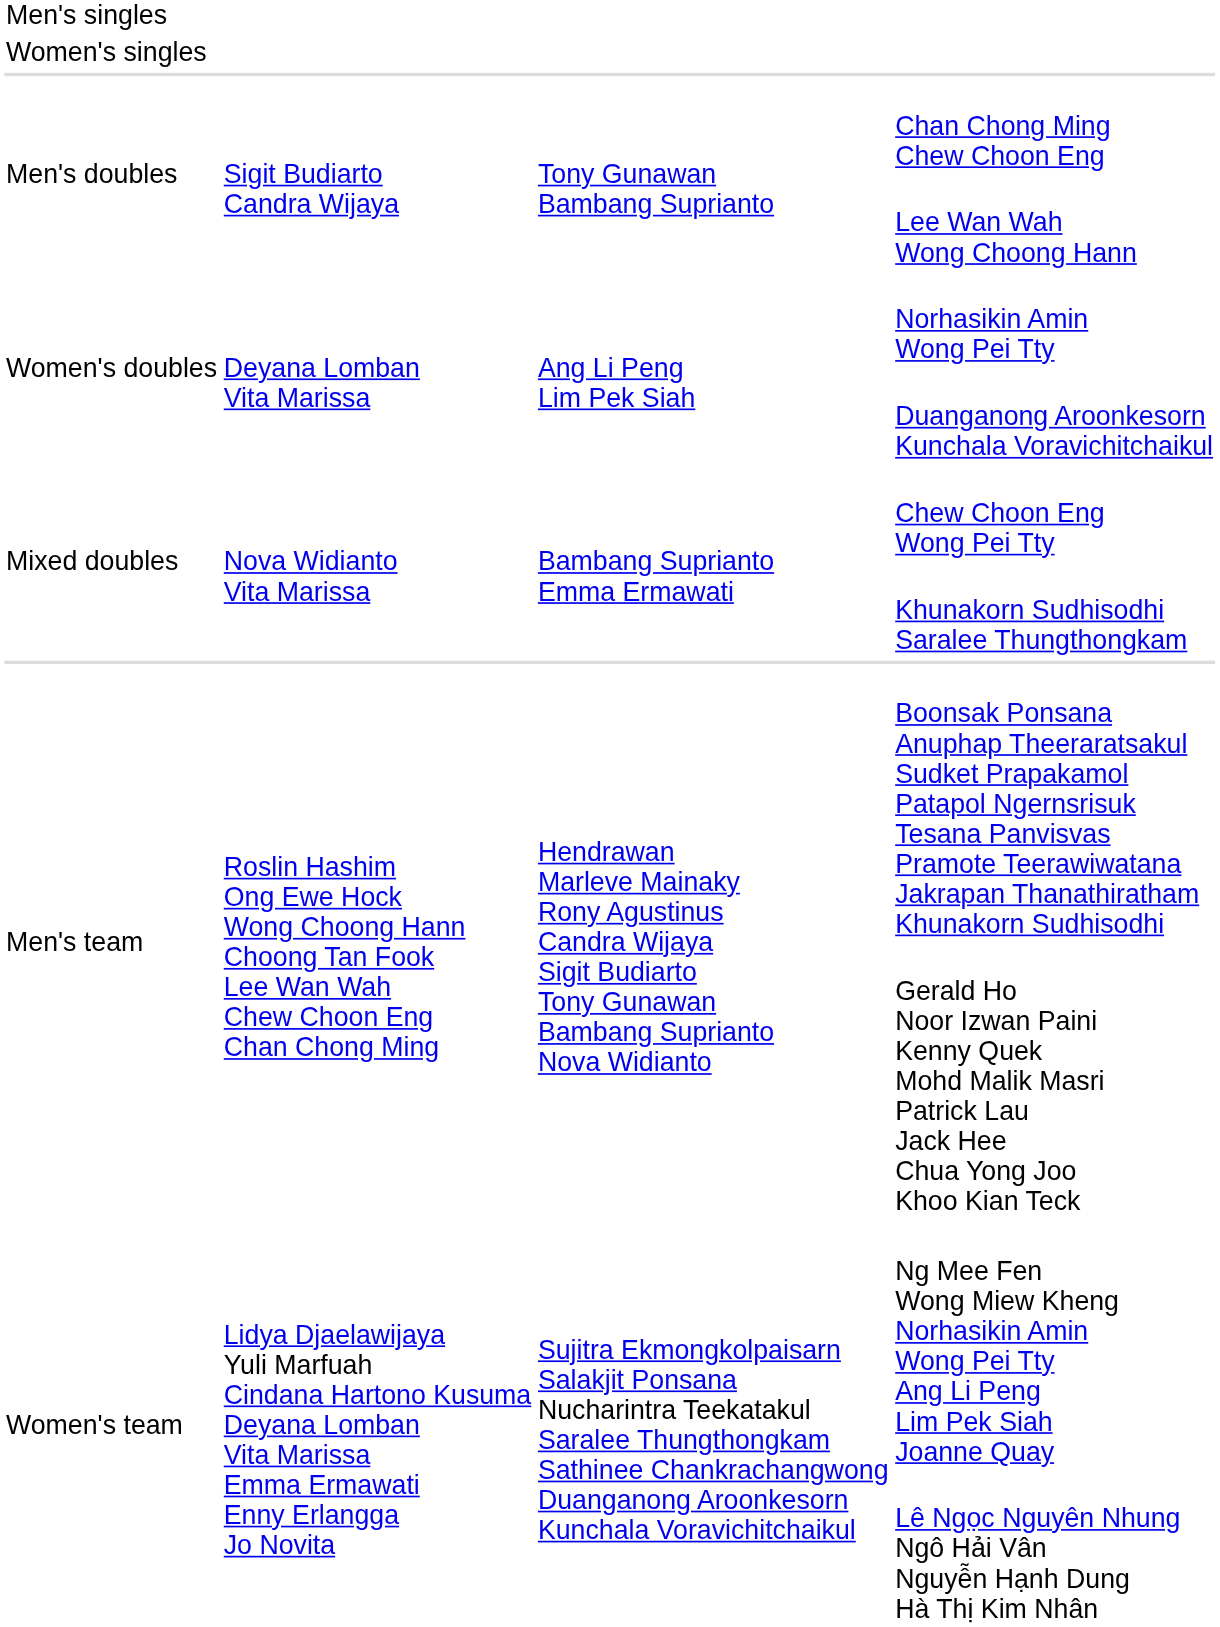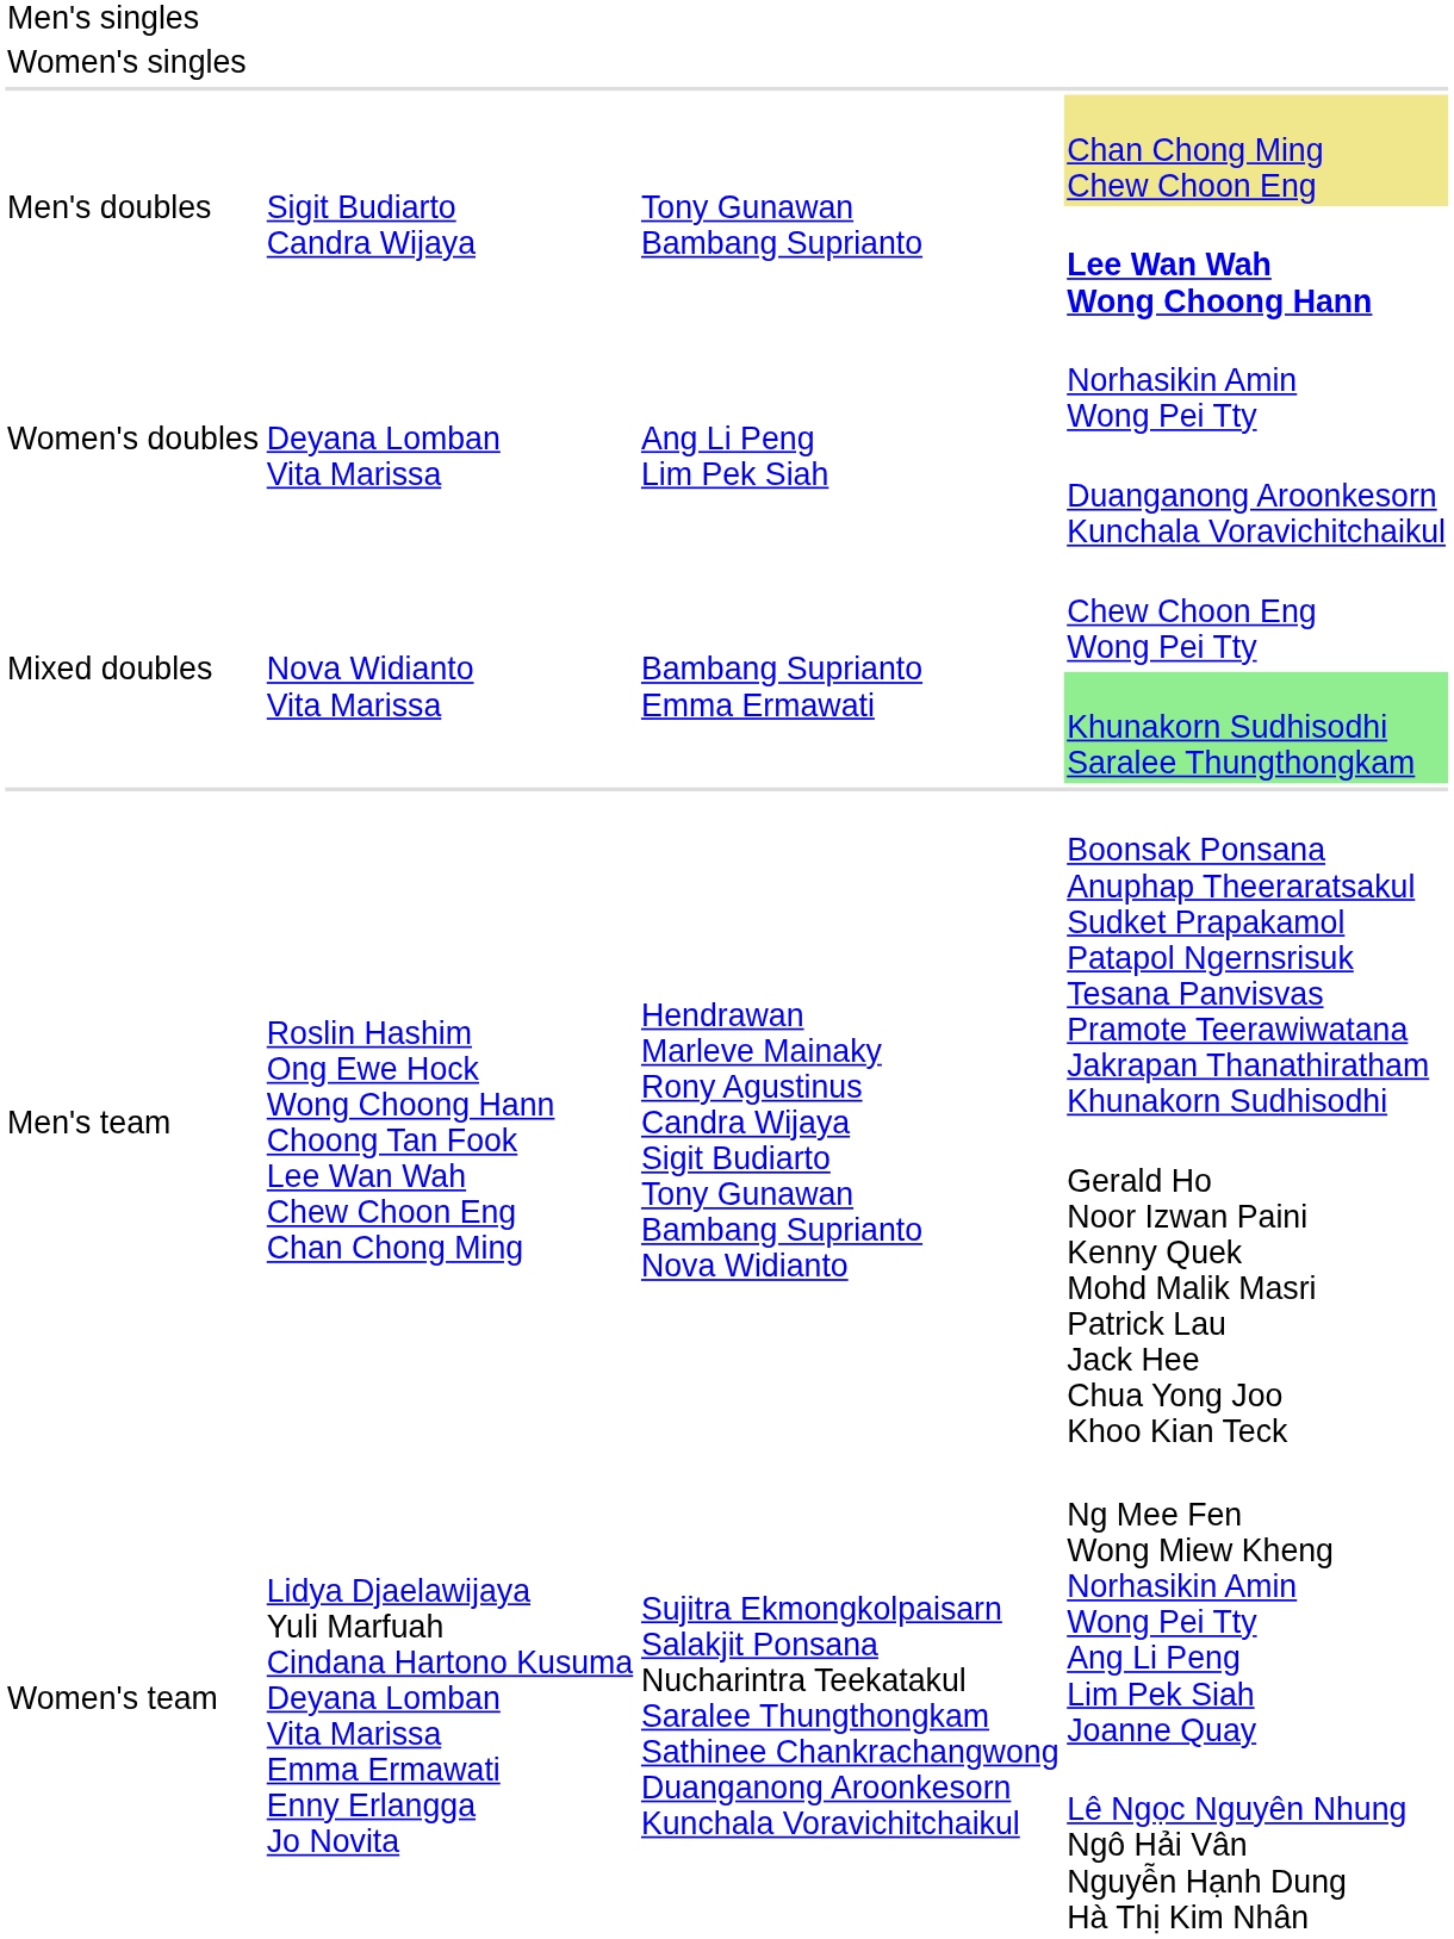 <table>
 <tr>
 <td rowspan="2">Men's singles</td>
 <td rowspan="2"></td>
 <td rowspan="2"></td>
 <td></td>
 </tr>
 <tr>
 <td></td>
 </tr>
 <tr>
 <td rowspan="2">Women's singles</td>
 <td rowspan="2" nowrap></td>
 <td rowspan="2"></td>
 <td></td>
 </tr>
 <tr>
 <td></td>
 </tr>
 <tr bgcolor=#dddddd>
 <td colspan=4></td>
 </tr>
 <tr>
 <td rowspan="2">Men's doubles</td>
 <td rowspan="2"><br><a href='#'>Sigit Budiarto</a><br> <a href='#'>Candra Wijaya</a></td>
 <td rowspan="2"><br><a href='#'>Tony Gunawan</a><br><a href='#'>Bambang Suprianto</a></td>
-<td><br><a href='#'>Chan Chong Ming</a><br><a href='#'>Chew Choon Eng</a></td>
+<td style="background: khaki;"><br><a href='#'>Chan Chong Ming</a><br><a href='#'>Chew Choon Eng</a></td>
 </tr>
 <tr>
-<td><br><a href='#'>Lee Wan Wah</a><br><a href='#'>Wong Choong Hann</a></td>
+<td><strong><br><a href='#'>Lee Wan Wah</a><br><a href='#'>Wong Choong Hann</a></strong></td>
 </tr>
 <tr>
 <td rowspan="2">Women's doubles</td>
 <td rowspan="2"><br><a href='#'>Deyana Lomban</a><br><a href='#'>Vita Marissa</a></td>
 <td rowspan="2"><br><a href='#'>Ang Li Peng</a><br><a href='#'>Lim Pek Siah</a></td>
 <td><br><a href='#'>Norhasikin Amin</a><br><a href='#'>Wong Pei Tty</a></td>
 </tr>
 <tr>
 <td nowrap><br><a href='#'>Duanganong Aroonkesorn</a><br><a href='#'>Kunchala Voravichitchaikul</a></td>
 </tr>
 <tr>
 <td rowspan="2">Mixed doubles</td>
 <td rowspan="2"><br><a href='#'>Nova Widianto</a><br><a href='#'>Vita Marissa</a></td>
 <td rowspan="2"><br><a href='#'>Bambang Suprianto</a><br><a href='#'>Emma Ermawati</a></td>
 <td><br> <a href='#'>Chew Choon Eng</a><br><a href='#'>Wong Pei Tty</a></td>
 </tr>
 <tr>
-<td><br> <a href='#'>Khunakorn Sudhisodhi</a><br><a href='#'>Saralee Thungthongkam</a></td>
+<td style="background: lightgreen;"><br> <a href='#'>Khunakorn Sudhisodhi</a><br><a href='#'>Saralee Thungthongkam</a></td>
 </tr>
 <tr bgcolor=#dddddd>
 <td colspan=4></td>
 </tr>
 <tr>
 <td rowspan="2">Men's team</td>
 <td rowspan="2"><br><a href='#'>Roslin Hashim</a><br><a href='#'>Ong Ewe Hock</a><br><a href='#'>Wong Choong Hann</a><br><a href='#'>Choong Tan Fook</a><br><a href='#'>Lee Wan Wah</a><br><a href='#'>Chew Choon Eng</a><br><a href='#'>Chan Chong Ming</a></td>
 <td rowspan="2"><br><a href='#'>Hendrawan</a><br><a href='#'>Marleve Mainaky</a><br><a href='#'>Rony Agustinus</a><br><a href='#'>Candra Wijaya</a><br><a href='#'>Sigit Budiarto</a><br><a href='#'>Tony Gunawan</a><br><a href='#'>Bambang Suprianto</a><br><a href='#'>Nova Widianto</a></td>
 <td><br><a href='#'>Boonsak Ponsana</a><br><a href='#'>Anuphap Theeraratsakul</a><br><a href='#'>Sudket Prapakamol</a><br><a href='#'>Patapol Ngernsrisuk</a><br><a href='#'>Tesana Panvisvas</a><br><a href='#'>Pramote Teerawiwatana</a><br><a href='#'>Jakrapan Thanathiratham</a><br><a href='#'>Khunakorn Sudhisodhi</a></td>
 </tr>
 <tr>
 <td><br>Gerald Ho<br>Noor Izwan Paini<br>Kenny Quek<br>Mohd Malik Masri<br>Patrick Lau<br>Jack Hee<br>Chua Yong Joo<br>Khoo Kian Teck</td>
 </tr>
 <tr>
 </tr>
 <tr>
 <td rowspan="2">Women's team</td>
 <td rowspan="2"><br><a href='#'>Lidya Djaelawijaya</a><br>Yuli Marfuah<br><a href='#'>Cindana Hartono Kusuma</a><br><a href='#'>Deyana Lomban</a><br><a href='#'>Vita Marissa</a><br><a href='#'>Emma Ermawati</a><br><a href='#'>Enny Erlangga</a><br><a href='#'>Jo Novita</a></td>
 <td rowspan="2" nowrap><br><a href='#'>Sujitra Ekmongkolpaisarn</a><br><a href='#'>Salakjit Ponsana</a><br>Nucharintra Teekatakul<br><a href='#'>Saralee Thungthongkam</a><br><a href='#'>Sathinee Chankrachangwong</a><br><a href='#'>Duanganong Aroonkesorn</a><br><a href='#'>Kunchala Voravichitchaikul</a></td>
 <td><br>Ng Mee Fen<br>Wong Miew Kheng<br><a href='#'>Norhasikin Amin</a><br><a href='#'>Wong Pei Tty</a><br><a href='#'>Ang Li Peng</a><br><a href='#'>Lim Pek Siah</a><br><a href='#'>Joanne Quay</a></td>
 </tr>
 <tr>
 <td><br><a href='#'>Lê Ngọc Nguyên Nhung</a><br>Ngô Hải Vân<br>Nguyễn Hạnh Dung<br>Hà Thị Kim Nhân</td>
 </tr>
 </table>
